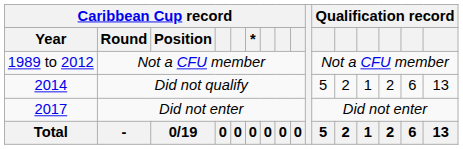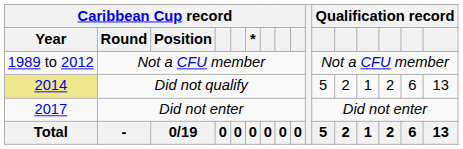 <table class="wikitable" style="text-align: center;">
 <tr>
 <th colspan=9><a href='#'>Caribbean Cup</a> record</th>
 <th rowspan=39></th>
 <th colspan=6>Qualification record</th>
 </tr>
 <tr>
 <th>Year</th>
 <th>Round</th>
 <th>Position</th>
 <th></th>
 <th></th>
 <th>*</th>
 <th></th>
 <th></th>
 <th></th>
 <th></th>
 <th></th>
 <th></th>
 <th></th>
 <th></th>
 <th></th>
 </tr>
 <tr>
 <td align="center"> <a href='#'>1989</a> to  <a href='#'>2012</a></td>
 <td colspan=8 style="text-align:center;"><em>Not a <a href='#'>CFU</a> member</em></td>
 <td colspan=6 style="text-align:center;"><em>Not a <a href='#'>CFU</a> member</em></td>
 </tr>
 <tr align="center">
-<td> <a href='#'>2014</a></td>
+<td style="background: khaki;"> <a href='#'>2014</a></td>
 <td colspan=8><em>Did not qualify</em></td>
 <td>5</td>
 <td>2</td>
 <td>1</td>
 <td>2</td>
 <td>6</td>
 <td>13</td>
 </tr>
 <tr>
 <td align="center"> <a href='#'>2017</a></td>
 <td colspan=8><em>Did not enter</em></td>
 <td colspan=6><em>Did not enter</em></td>
 </tr>
 <tr>
 <th>Total</th>
 <th>-</th>
 <th>0/19</th>
 <th>0</th>
 <th>0</th>
 <th>0</th>
 <th>0</th>
 <th>0</th>
 <th>0</th>
 <th>5</th>
 <th>2</th>
 <th>1</th>
 <th>2</th>
 <th>6</th>
 <th>13</th>
 </tr>
 </table>
